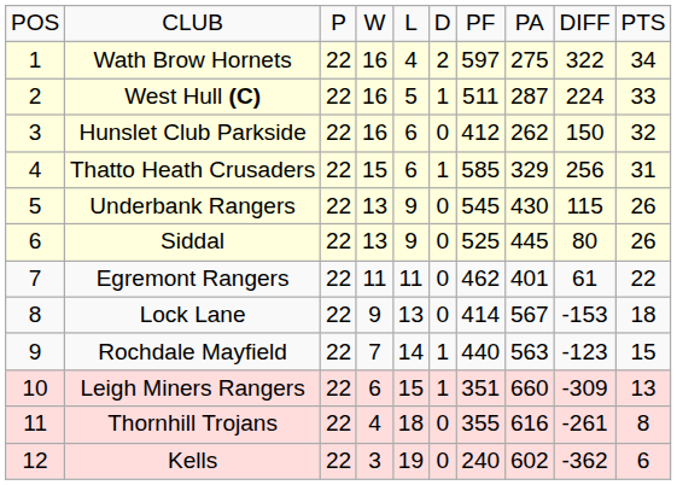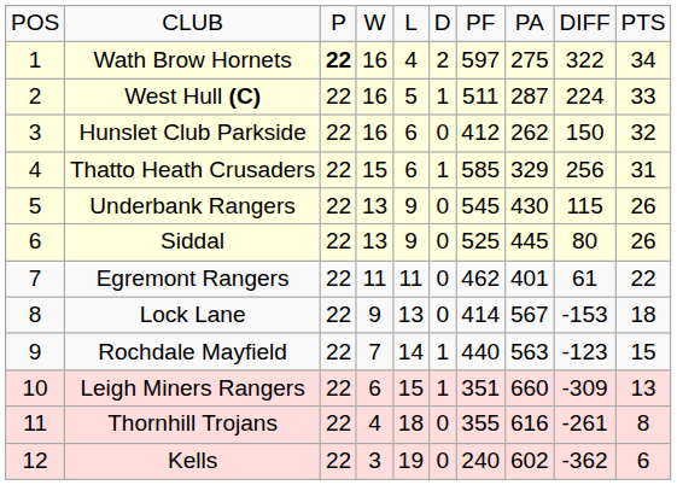 <table class="wikitable" style="text-align: center;">
 <tr>
 <td>POS</td>
 <td>CLUB</td>
 <td>P</td>
 <td>W</td>
 <td>L</td>
 <td>D</td>
 <td>PF</td>
 <td>PA</td>
 <td>DIFF</td>
 <td>PTS</td>
 </tr>
 <tr style="background:#ffffdd;">
 <td>1</td>
 <td>Wath Brow Hornets</td>
-<td>22</td>
+<td><strong>22</strong></td>
 <td>16</td>
 <td>4</td>
 <td>2</td>
 <td>597</td>
 <td>275</td>
 <td>322</td>
 <td>34</td>
 </tr>
 <tr style="background:#ffffdd;">
 <td>2</td>
 <td>West Hull <strong>(C)</strong></td>
 <td>22</td>
 <td>16</td>
 <td>5</td>
 <td>1</td>
 <td>511</td>
 <td>287</td>
 <td>224</td>
 <td>33</td>
 </tr>
 <tr style="background:#ffffdd;">
 <td>3</td>
 <td>Hunslet Club Parkside</td>
 <td>22</td>
 <td>16</td>
 <td>6</td>
 <td>0</td>
 <td>412</td>
 <td>262</td>
 <td>150</td>
 <td>32</td>
 </tr>
 <tr style="background:#ffffdd;">
 <td>4</td>
 <td>Thatto Heath Crusaders</td>
 <td>22</td>
 <td>15</td>
 <td>6</td>
 <td>1</td>
 <td>585</td>
 <td>329</td>
 <td>256</td>
 <td>31</td>
 </tr>
 <tr style="background:#ffffdd;">
 <td>5</td>
 <td>Underbank Rangers</td>
 <td>22</td>
 <td>13</td>
 <td>9</td>
 <td>0</td>
 <td>545</td>
 <td>430</td>
 <td>115</td>
 <td>26</td>
 </tr>
 <tr style="background:#ffffdd;">
 <td>6</td>
 <td>Siddal</td>
 <td>22</td>
 <td>13</td>
 <td>9</td>
 <td>0</td>
 <td>525</td>
 <td>445</td>
 <td>80</td>
 <td>26</td>
 </tr>
 <tr>
 <td>7</td>
 <td>Egremont Rangers</td>
 <td>22</td>
 <td>11</td>
 <td>11</td>
 <td>0</td>
 <td>462</td>
 <td>401</td>
 <td>61</td>
 <td>22</td>
 </tr>
 <tr>
 <td>8</td>
 <td>Lock Lane</td>
 <td>22</td>
 <td>9</td>
 <td>13</td>
 <td>0</td>
 <td>414</td>
 <td>567</td>
 <td>-153</td>
 <td>18</td>
 </tr>
 <tr>
 <td>9</td>
 <td>Rochdale Mayfield</td>
 <td>22</td>
 <td>7</td>
 <td>14</td>
 <td>1</td>
 <td>440</td>
 <td>563</td>
 <td>-123</td>
 <td>15</td>
 </tr>
 <tr style="background:#ffdddd;">
 <td>10</td>
 <td>Leigh Miners Rangers</td>
 <td>22</td>
 <td>6</td>
 <td>15</td>
 <td>1</td>
 <td>351</td>
 <td>660</td>
 <td>-309</td>
 <td>13</td>
 </tr>
 <tr style="background:#ffdddd;">
 <td>11</td>
 <td>Thornhill Trojans</td>
 <td>22</td>
 <td>4</td>
 <td>18</td>
 <td>0</td>
 <td>355</td>
 <td>616</td>
 <td>-261</td>
 <td>8</td>
 </tr>
 <tr style="background:#ffdddd;">
 <td>12</td>
 <td>Kells</td>
 <td>22</td>
 <td>3</td>
 <td>19</td>
 <td>0</td>
 <td>240</td>
 <td>602</td>
 <td>-362</td>
 <td>6</td>
 </tr>
 </table>
